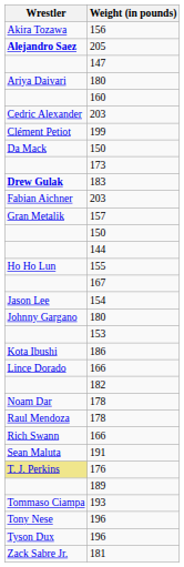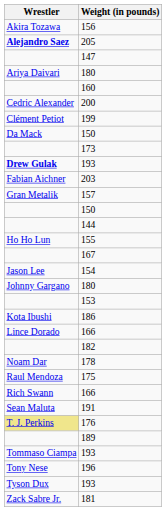 <table class="wikitable sortable">
 <tr>
 <th>Wrestler</th>
 <th>Weight (in pounds)</th>
 </tr>
 <tr>
 <td><a href='#'>Akira Tozawa</a></td>
 <td>156</td>
 </tr>
 <tr>
 <td><strong><a href='#'>Alejandro Saez</a></strong></td>
 <td>205</td>
 </tr>
 <tr>
 <td></td>
 <td>147</td>
 </tr>
 <tr>
 <td><a href='#'>Ariya Daivari</a></td>
 <td>180</td>
 </tr>
 <tr>
 <td></td>
 <td>160</td>
 </tr>
 <tr>
 <td><a href='#'>Cedric Alexander</a></td>
-<td>203</td>
+<td>200</td>
 </tr>
 <tr>
 <td><a href='#'>Clément Petiot</a></td>
 <td>199</td>
 </tr>
 <tr>
 <td><a href='#'>Da Mack</a></td>
 <td>150</td>
 </tr>
 <tr>
 <td></td>
 <td>173</td>
 </tr>
 <tr>
 <td><strong><a href='#'>Drew Gulak</a></strong></td>
-<td>183</td>
+<td>193</td>
 </tr>
 <tr>
 <td><a href='#'>Fabian Aichner</a></td>
 <td>203</td>
 </tr>
 <tr>
 <td><a href='#'>Gran Metalik</a></td>
 <td>157</td>
 </tr>
 <tr>
 <td></td>
 <td>150</td>
 </tr>
 <tr>
 <td></td>
 <td>144</td>
 </tr>
 <tr>
 <td><a href='#'>Ho Ho Lun</a></td>
 <td>155</td>
 </tr>
 <tr>
 <td></td>
 <td>167</td>
 </tr>
 <tr>
 <td><a href='#'>Jason Lee</a></td>
 <td>154</td>
 </tr>
 <tr>
 <td><a href='#'>Johnny Gargano</a></td>
 <td>180</td>
 </tr>
 <tr>
 <td></td>
 <td>153</td>
 </tr>
 <tr>
 <td><a href='#'>Kota Ibushi</a></td>
 <td>186</td>
 </tr>
 <tr>
 <td><a href='#'>Lince Dorado</a></td>
 <td>166</td>
 </tr>
 <tr>
 <td></td>
 <td>182</td>
 </tr>
 <tr>
 <td><a href='#'>Noam Dar</a></td>
 <td>178</td>
 </tr>
 <tr>
 <td><a href='#'>Raul Mendoza</a></td>
-<td>178</td>
+<td>175</td>
 </tr>
 <tr>
 <td><a href='#'>Rich Swann</a></td>
 <td>166</td>
 </tr>
 <tr>
 <td><a href='#'>Sean Maluta</a></td>
 <td>191</td>
 </tr>
 <tr>
 <td style="background: khaki;"><a href='#'>T. J. Perkins</a></td>
 <td>176</td>
 </tr>
 <tr>
 <td></td>
 <td>189</td>
 </tr>
 <tr>
 <td><a href='#'>Tommaso Ciampa</a></td>
 <td>193</td>
 </tr>
 <tr>
 <td><a href='#'>Tony Nese</a></td>
 <td>196</td>
 </tr>
 <tr>
 <td><a href='#'>Tyson Dux</a></td>
-<td>196</td>
+<td>193</td>
 </tr>
 <tr>
 <td><a href='#'>Zack Sabre Jr.</a></td>
 <td>181</td>
 </tr>
 </table>
